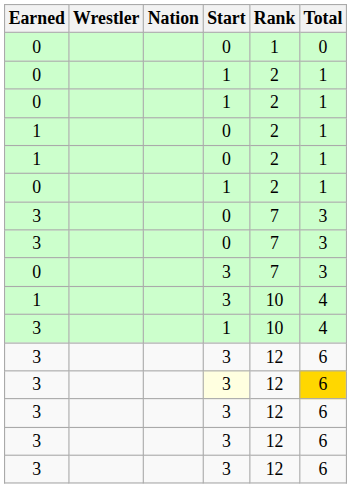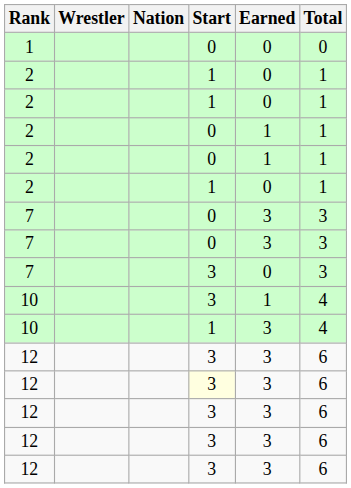 <table class="wikitable sortable" style="text-align:center;">
 <tr>
-<th>Earned</th>
+<th>Rank</th>
 <th>Wrestler</th>
 <th>Nation</th>
 <th>Start</th>
-<th>Rank</th>
+<th>Earned</th>
 <th>Total</th>
-</tr>
-<tr style="background:#cfc;">
-<td>0</td>
-<td align=left></td>
-<td align=left></td>
-<td>0</td>
-<td>1</td>
-<td>0</td>
-</tr>
-<tr style="background:#cfc;">
-<td>0</td>
-<td align=left></td>
-<td align=left></td>
-<td>1</td>
-<td>2</td>
-<td>1</td>
-</tr>
-<tr style="background:#cfc;">
-<td>0</td>
-<td align=left></td>
-<td align=left></td>
-<td>1</td>
-<td>2</td>
-<td>1</td>
 </tr>
 <tr style="background:#cfc;">
 <td>1</td>
 <td align=left></td>
 <td align=left></td>
 <td>0</td>
+<td>0</td>
+<td>0</td>
+</tr>
+<tr style="background:#cfc;">
 <td>2</td>
+<td align=left></td>
+<td align=left></td>
+<td>1</td>
+<td>0</td>
 <td>1</td>
 </tr>
 <tr style="background:#cfc;">
+<td>2</td>
+<td align=left></td>
+<td align=left></td>
 <td>1</td>
+<td>0</td>
+<td>1</td>
+</tr>
+<tr style="background:#cfc;">
+<td>2</td>
 <td align=left></td>
 <td align=left></td>
 <td>0</td>
-<td>2</td>
+<td>1</td>
 <td>1</td>
 </tr>
 <tr style="background:#cfc;">
+<td>2</td>
+<td align=left></td>
+<td align=left></td>
 <td>0</td>
+<td>1</td>
+<td>1</td>
+</tr>
+<tr style="background:#cfc;">
+<td>2</td>
 <td align=left></td>
 <td align=left></td>
 <td>1</td>
-<td>2</td>
+<td>0</td>
 <td>1</td>
 </tr>
 <tr style="background:#cfc;">
-<td>3</td>
+<td>7</td>
 <td align=left></td>
 <td align=left></td>
 <td>0</td>
-<td>7</td>
+<td>3</td>
 <td>3</td>
 </tr>
 <tr style="background:#cfc;">
-<td>3</td>
+<td>7</td>
 <td align=left></td>
 <td align=left></td>
 <td>0</td>
-<td>7</td>
+<td>3</td>
 <td>3</td>
 </tr>
 <tr style="background:#cfc;">
-<td>0</td>
+<td>7</td>
 <td align=left></td>
 <td align=left></td>
 <td>3</td>
-<td>7</td>
+<td>0</td>
 <td>3</td>
 </tr>
 <tr style="background:#cfc;">
-<td>1</td>
+<td>10</td>
 <td align=left></td>
 <td align=left></td>
 <td>3</td>
-<td>10</td>
+<td>1</td>
 <td>4</td>
 </tr>
 <tr style="background:#cfc;">
-<td>3</td>
+<td>10</td>
 <td align=left></td>
 <td align=left></td>
 <td>1</td>
-<td>10</td>
+<td>3</td>
 <td>4</td>
 </tr>
 <tr>
-<td>3</td>
+<td>12</td>
 <td align=left></td>
 <td align=left></td>
 <td>3</td>
-<td>12</td>
+<td>3</td>
 <td>6</td>
 </tr>
 <tr>
-<td>3</td>
+<td>12</td>
 <td align=left></td>
 <td align=left></td>
 <td style="background: lightyellow;">3</td>
-<td>12</td>
-<td style="background: gold;">6</td>
+<td>3</td>
+<td>6</td>
 </tr>
 <tr>
-<td>3</td>
+<td>12</td>
 <td align=left></td>
 <td align=left></td>
 <td>3</td>
-<td>12</td>
+<td>3</td>
 <td>6</td>
 </tr>
 <tr>
-<td>3</td>
+<td>12</td>
 <td align=left></td>
 <td align=left></td>
 <td>3</td>
-<td>12</td>
+<td>3</td>
 <td>6</td>
 </tr>
 <tr>
-<td>3</td>
+<td>12</td>
 <td align=left></td>
 <td align=left></td>
 <td>3</td>
-<td>12</td>
+<td>3</td>
 <td>6</td>
 </tr>
 </table>
